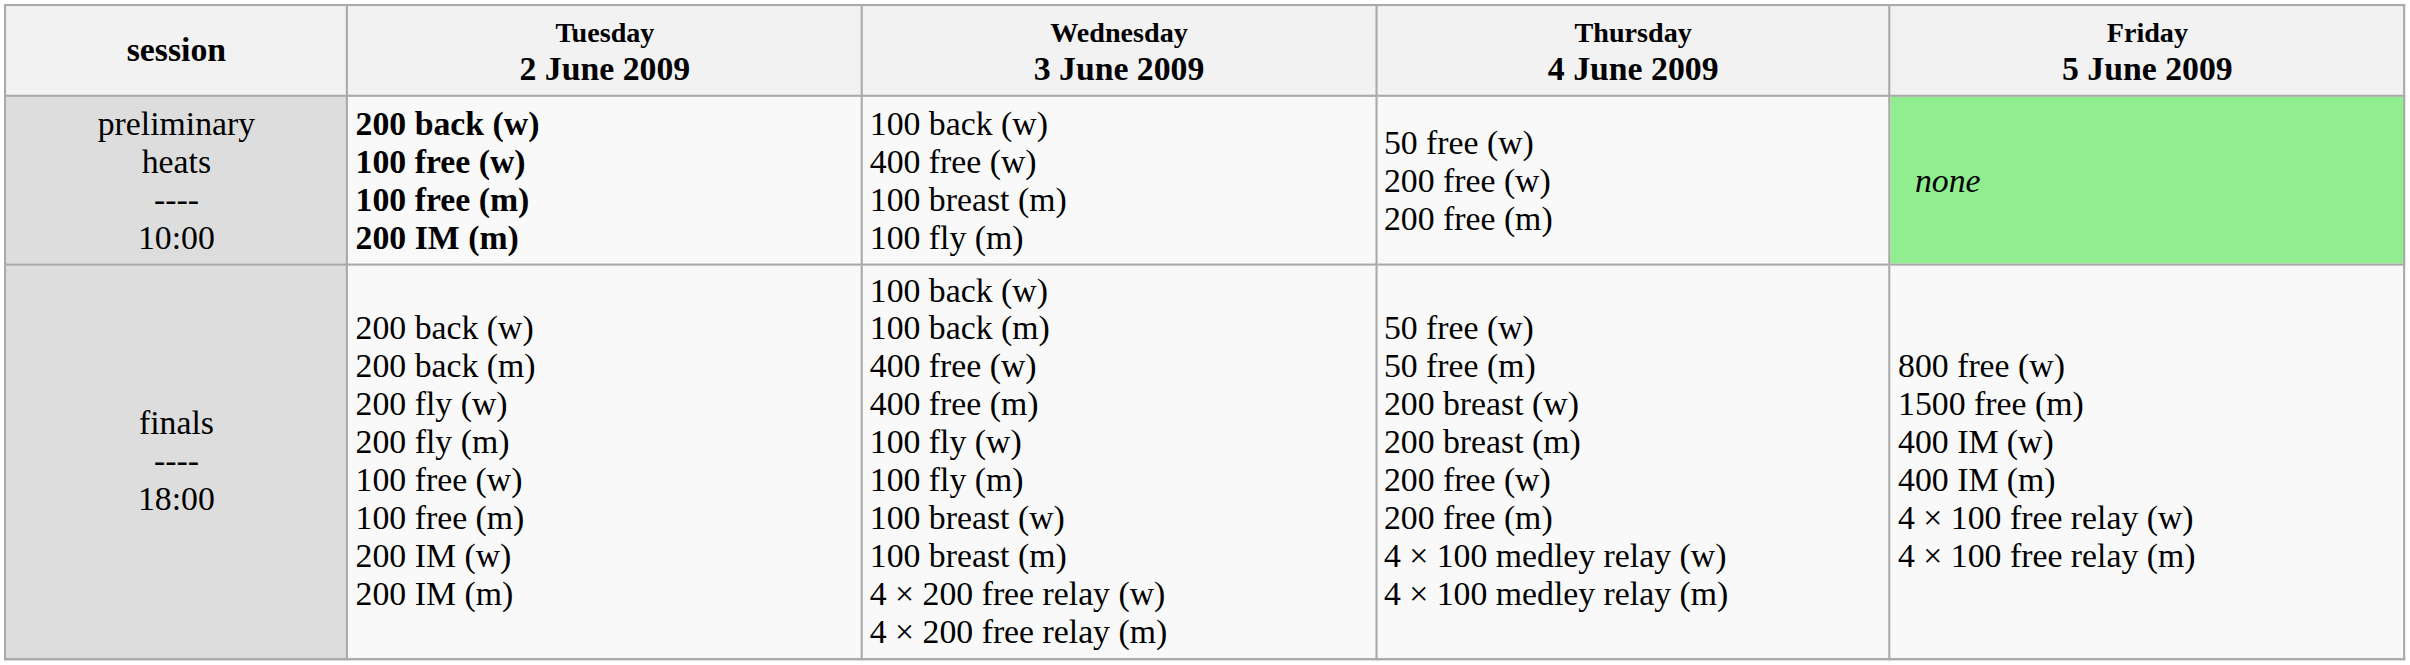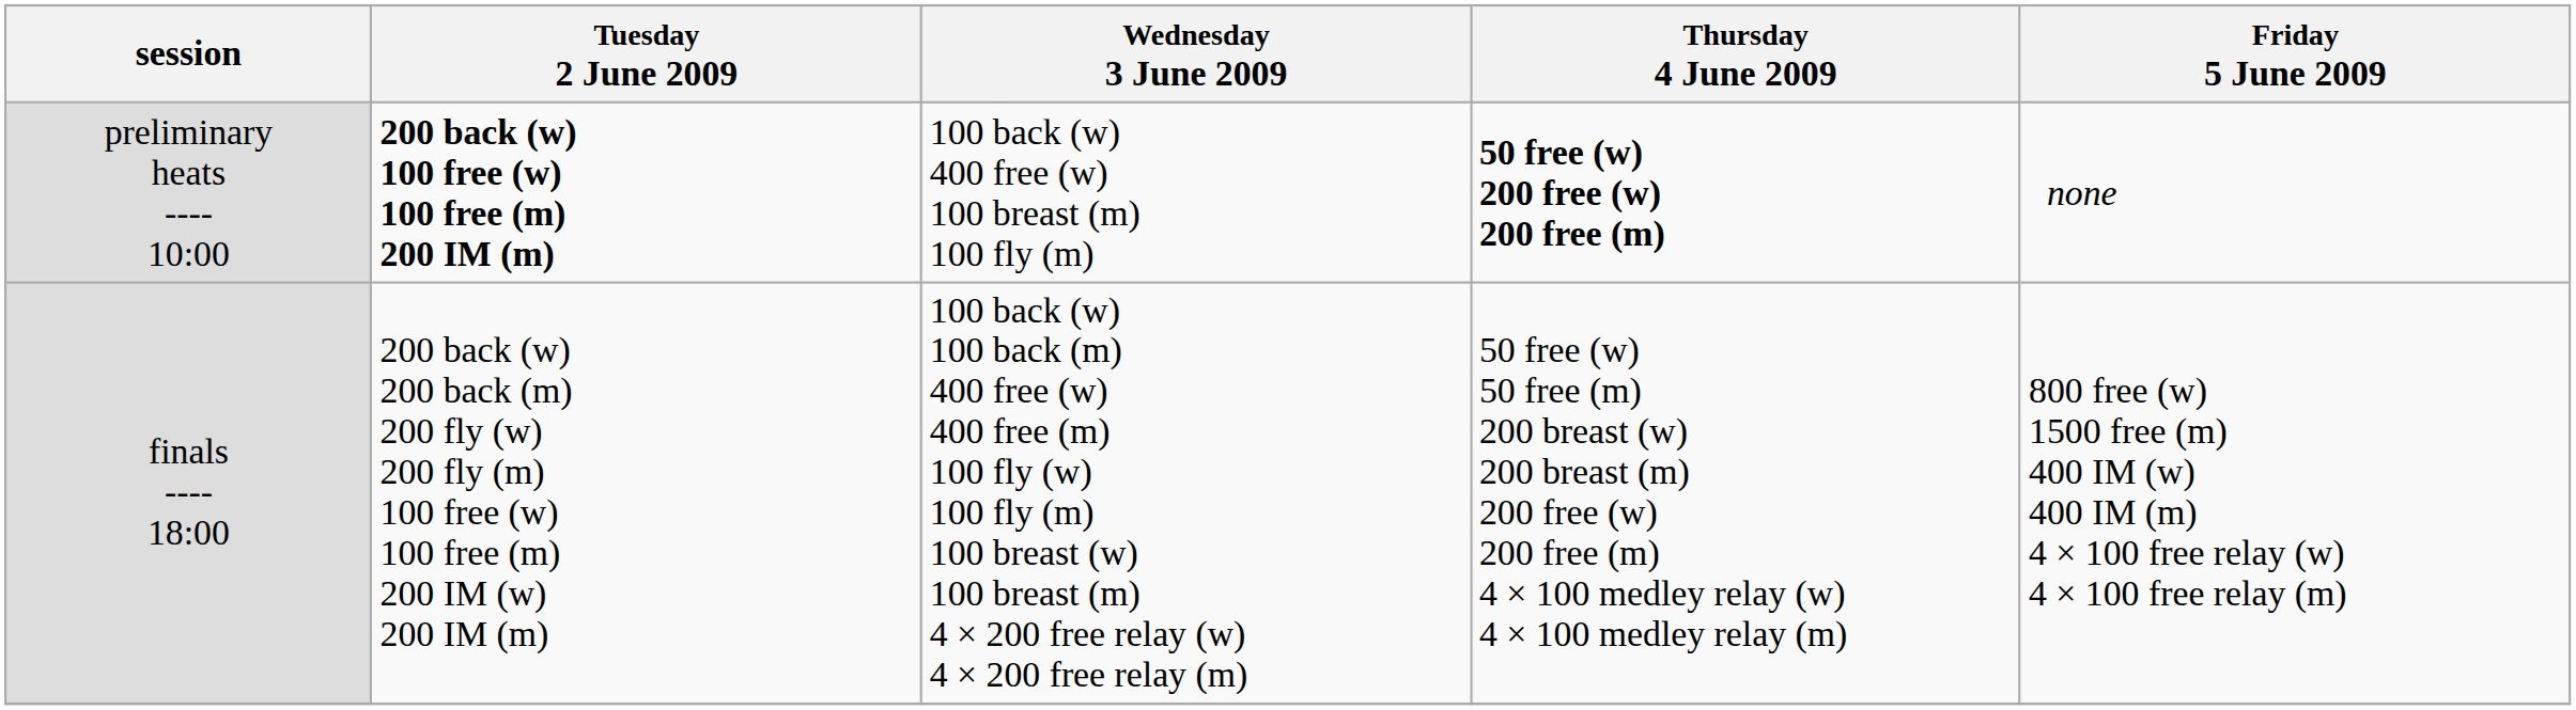 <table class=wikitable>
 <tr>
 <th width=10%>session</th>
 <th width=15%><small>Tuesday</small><br> 2 June 2009</th>
 <th width=15%><small>Wednesday</small><br> 3 June 2009</th>
 <th width=15%><small>Thursday</small><br> 4 June 2009</th>
 <th width=15%><small>Friday</small><br> 5 June 2009</th>
 </tr>
 <tr>
 <td bgcolor=#DDDDDD align=center>preliminary <br> heats <br>----<br> 10:00</td>
 <td><strong>200 back (w) <br> 100 free (w) <br> 100 free (m) <br> 200 IM (m)</strong></td>
 <td>100 back (w) <br> 400 free (w) <br> 100 breast (m) <br> 100 fly (m)</td>
-<td>50 free (w) <br> 200 free (w) <br> 200 free (m)</td>
-<td style="background: lightgreen;">  <em>none</em></td>
+<td><strong>50 free (w) <br> 200 free (w) <br> 200 free (m)</strong></td>
+<td>  <em>none</em></td>
 </tr>
 <tr>
 <td bgcolor=#DDDDDD align=center>finals <br>----<br> 18:00</td>
 <td>200 back (w) <br> 200 back (m) <br> 200 fly (w) <br> 200 fly (m) <br> 100 free (w) <br> 100 free (m) <br> 200 IM (w) <br> 200 IM (m)</td>
 <td>100 back (w) <br> 100 back (m) <br> 400 free (w) <br> 400 free (m) <br> 100 fly (w) <br> 100 fly (m) <br> 100 breast (w) <br> 100 breast (m) <br> 4 × 200 free relay (w) <br> 4 × 200 free relay (m)</td>
 <td>50 free (w) <br> 50 free (m) <br> 200 breast (w) <br> 200 breast (m) <br> 200 free (w) <br> 200 free (m) <br> 4 × 100 medley relay (w) <br> 4 × 100 medley relay (m)</td>
 <td>800 free (w) <br> 1500 free (m) <br> 400 IM (w) <br> 400 IM (m) <br> 4 × 100 free relay (w) <br> 4 × 100 free relay (m)</td>
 </tr>
 <tr>
 </tr>
 </table>
